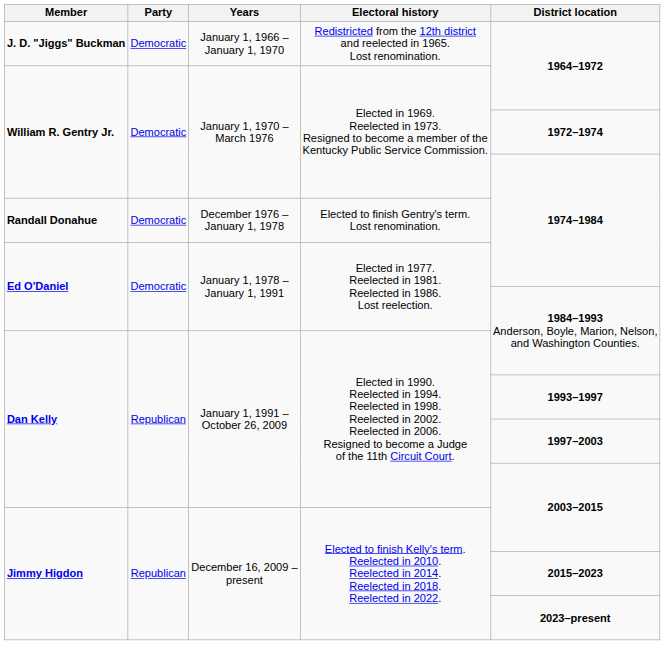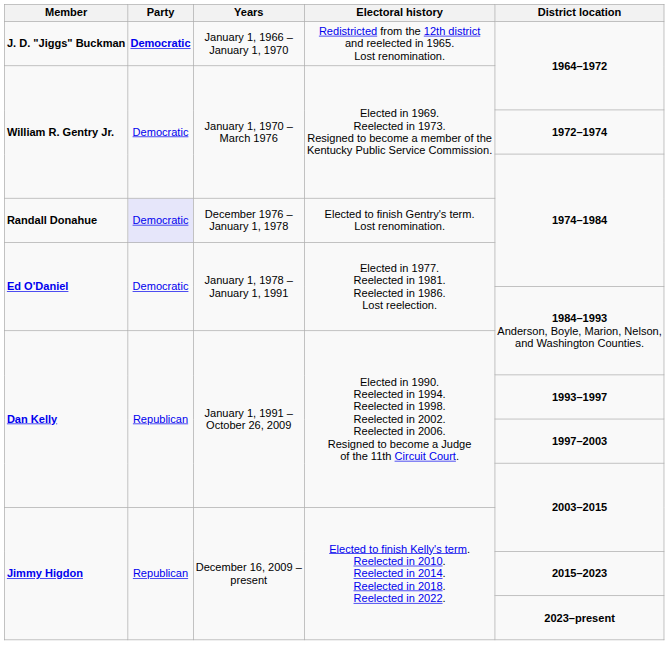 <table class=wikitable style="text-align:center">
 <tr>
 <th>Member</th>
 <th>Party</th>
 <th>Years</th>
 <th>Electoral history</th>
 <th>District location</th>
 </tr>
 <tr style="height:4em">
 <td align=left><strong>J. D. "Jiggs" Buckman</strong><br></td>
-<td><a href='#'>Democratic</a></td>
+<td><strong><a href='#'>Democratic</a></strong></td>
 <td nowrap>January 1, 1966 –<br>January 1, 1970</td>
 <td><a href='#'>Redistricted</a> from the <a href='#'>12th district</a><br>and reelected in 1965.<br>Lost renomination.</td>
 <td rowspan=2><strong>1964–1972</strong><br></td>
 </tr>
 <tr style="height:4em">
 <td rowspan=3 align=left><strong>William R. Gentry Jr.</strong><br></td>
 <td rowspan=3 ><a href='#'>Democratic</a></td>
 <td rowspan=3 nowrap>January 1, 1970 –<br>March 1976</td>
 <td rowspan=3>Elected in 1969.<br>Reelected in 1973.<br>Resigned to become a member of the<br>Kentucky Public Service Commission.</td>
 </tr>
 <tr style="height:4em">
 <td><strong>1972–1974</strong><br></td>
 </tr>
 <tr style="height:4em">
 <td rowspan=3><strong>1974–1984</strong><br></td>
 </tr>
 <tr style="height:4em">
 <td align=left><strong>Randall Donahue</strong><br></td>
-<td><a href='#'>Democratic</a></td>
+<td style="background: lavender;"><a href='#'>Democratic</a></td>
 <td nowrap>December 1976 –<br>January 1, 1978</td>
 <td>Elected to finish Gentry's term.<br>Lost renomination.</td>
 </tr>
 <tr style="height:4em">
 <td rowspan=2 align=left><strong><a href='#'>Ed O'Daniel</a></strong><br></td>
 <td rowspan=2 ><a href='#'>Democratic</a></td>
 <td rowspan=2 nowrap>January 1, 1978 –<br>January 1, 1991</td>
 <td rowspan=2>Elected in 1977.<br>Reelected in 1981.<br>Reelected in 1986.<br>Lost reelection.</td>
 </tr>
 <tr style="height:4em">
 <td rowspan=2><strong>1984–1993</strong><br>Anderson, Boyle, Marion, Nelson,<br>and Washington Counties.</td>
 </tr>
 <tr style="height:4em">
 <td rowspan=4 align=left><strong><a href='#'>Dan Kelly</a></strong><br></td>
 <td rowspan=4 ><a href='#'>Republican</a></td>
 <td rowspan=4 nowrap>January 1, 1991 –<br>October 26, 2009</td>
 <td rowspan=4>Elected in 1990.<br>Reelected in 1994.<br>Reelected in 1998.<br>Reelected in 2002.<br>Reelected in 2006.<br>Resigned to become a Judge<br>of the 11th <a href='#'>Circuit Court</a>.</td>
 </tr>
 <tr style="height:4em">
 <td><strong>1993–1997</strong><br></td>
 </tr>
 <tr style="height:4em">
 <td><strong>1997–2003</strong><br></td>
 </tr>
 <tr style="height:4em">
 <td rowspan=2><strong>2003–2015</strong><br></td>
 </tr>
 <tr style="height:4em">
 <td rowspan=3 align=left><strong><a href='#'>Jimmy Higdon</a></strong><br></td>
 <td rowspan=3 ><a href='#'>Republican</a></td>
 <td rowspan=3 nowrap>December 16, 2009 –<br>present</td>
 <td rowspan=3><a href='#'>Elected to finish Kelly's term</a>.<br><a href='#'>Reelected in 2010</a>.<br><a href='#'>Reelected in 2014</a>.<br><a href='#'>Reelected in 2018</a>.<br><a href='#'>Reelected in 2022</a>.</td>
 </tr>
 <tr style="height:4em">
 <td><strong>2015–2023</strong><br></td>
 </tr>
 <tr style="height:4em">
 <td><strong>2023–present</strong><br></td>
 </tr>
 </table>
